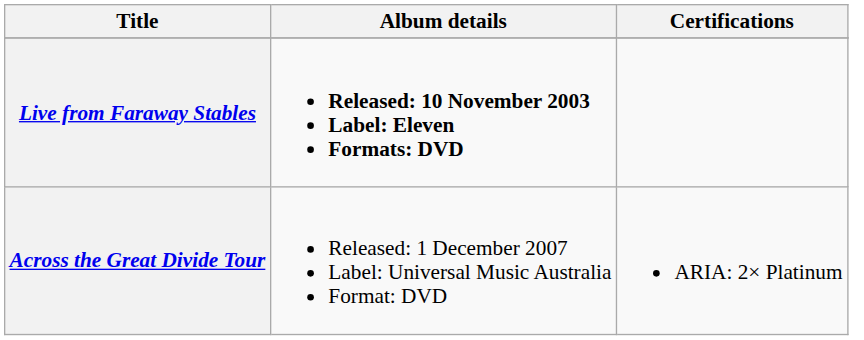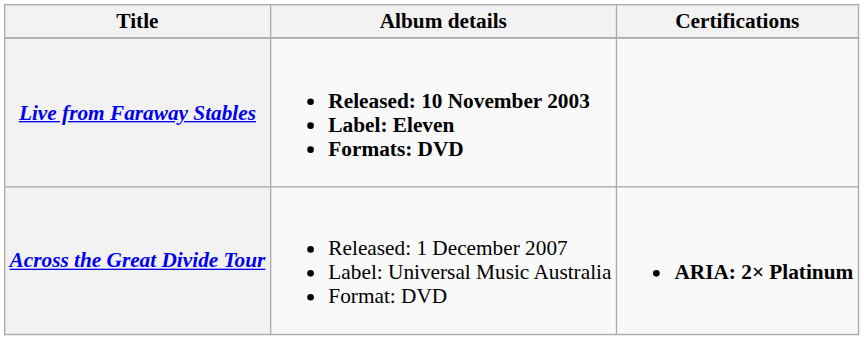 <table class="wikitable plainrowheaders">
 <tr>
 <th scope="col" colspan="1">Title</th>
 <th scope="col" colspan="1">Album details</th>
 <th scope="col" colspan="2">Certifications</th>
 </tr>
 <tr style=font-size:smaller;>
 </tr>
 <tr>
 <th scope="row"><em><a href='#'>Live from Faraway Stables</a></em></th>
 <td><strong><br><ul><li>Released: 10 November 2003</li><li>Label: Eleven</li><li>Formats: DVD</li></ul></strong></td>
 <td></td>
 </tr>
 <tr>
 <th scope="row"><em><a href='#'>Across the Great Divide Tour</a></em></th>
 <td><br><ul><li>Released: 1 December 2007</li><li>Label: Universal Music Australia</li><li>Format: DVD</li></ul></td>
-<td><br><ul><li>ARIA: 2× Platinum</li></ul></td>
+<td><strong><br><ul><li>ARIA: 2× Platinum</li></ul></strong></td>
 </tr>
 </table>
